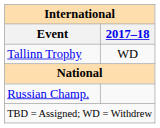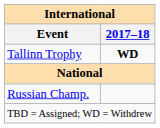 <table class="wikitable" style="text-align:center">
 <tr>
 <th style="background-color: #ffdead; " colspan=2 align=center>International</th>
 </tr>
 <tr>
 <th>Event</th>
 <th><a href='#'>2017–18</a></th>
 </tr>
 <tr>
 <td align=left> <a href='#'>Tallinn Trophy</a></td>
-<td>WD</td>
+<td><strong>WD</strong></td>
 </tr>
 <tr>
 <th style="background-color: #ffdead; " colspan=2 align=center>National</th>
 </tr>
 <tr>
 <td align=left><a href='#'>Russian Champ.</a></td>
 <td></td>
 </tr>
 <tr>
 <td colspan=4 align=center><small> TBD = Assigned; WD = Withdrew</small></td>
 </tr>
 </table>
